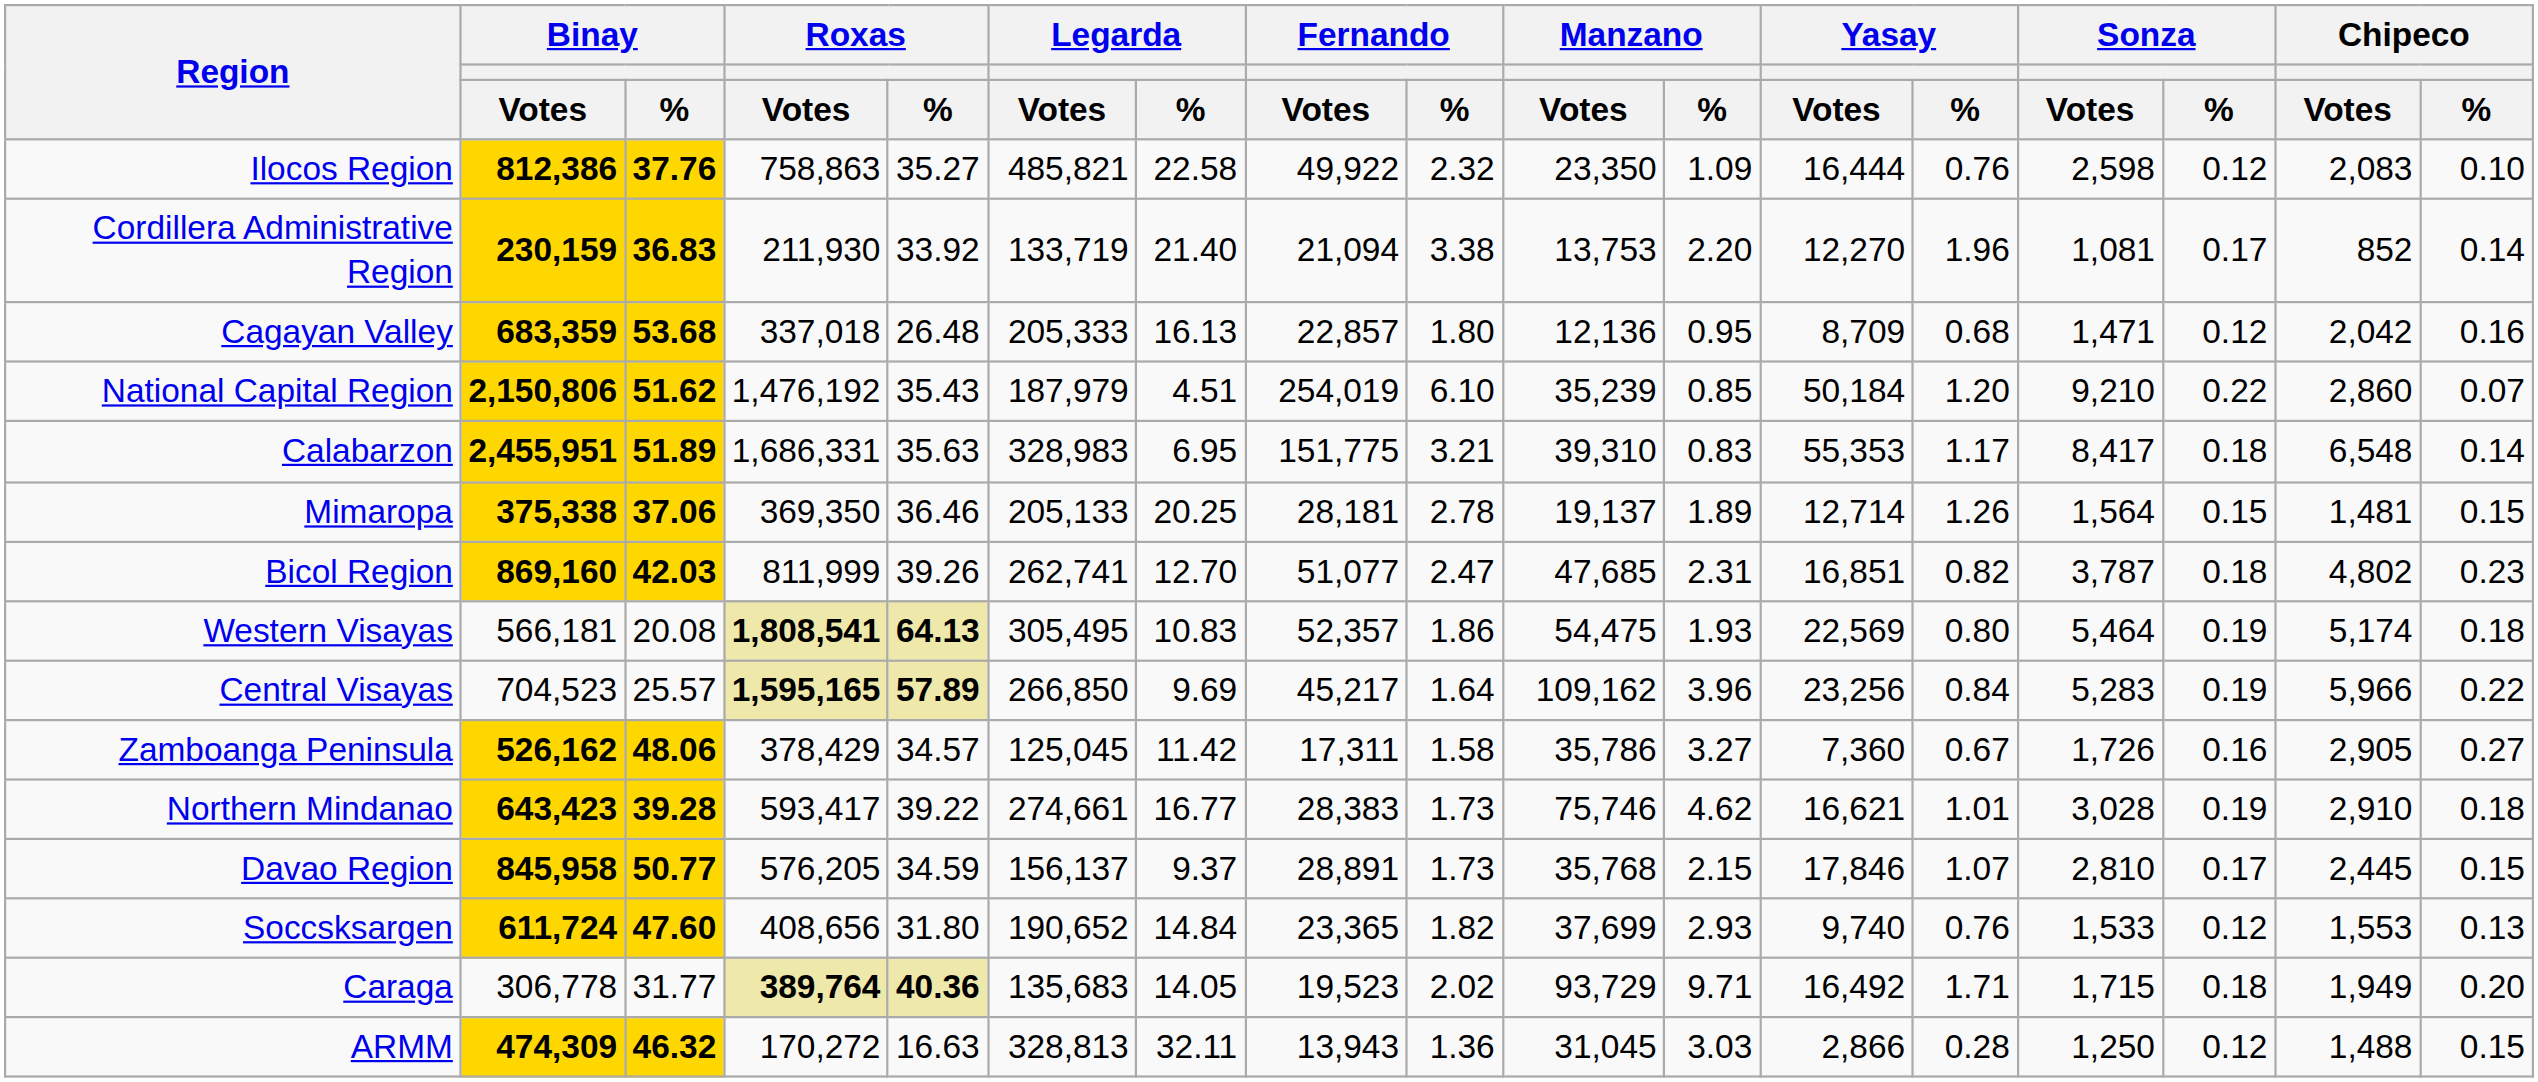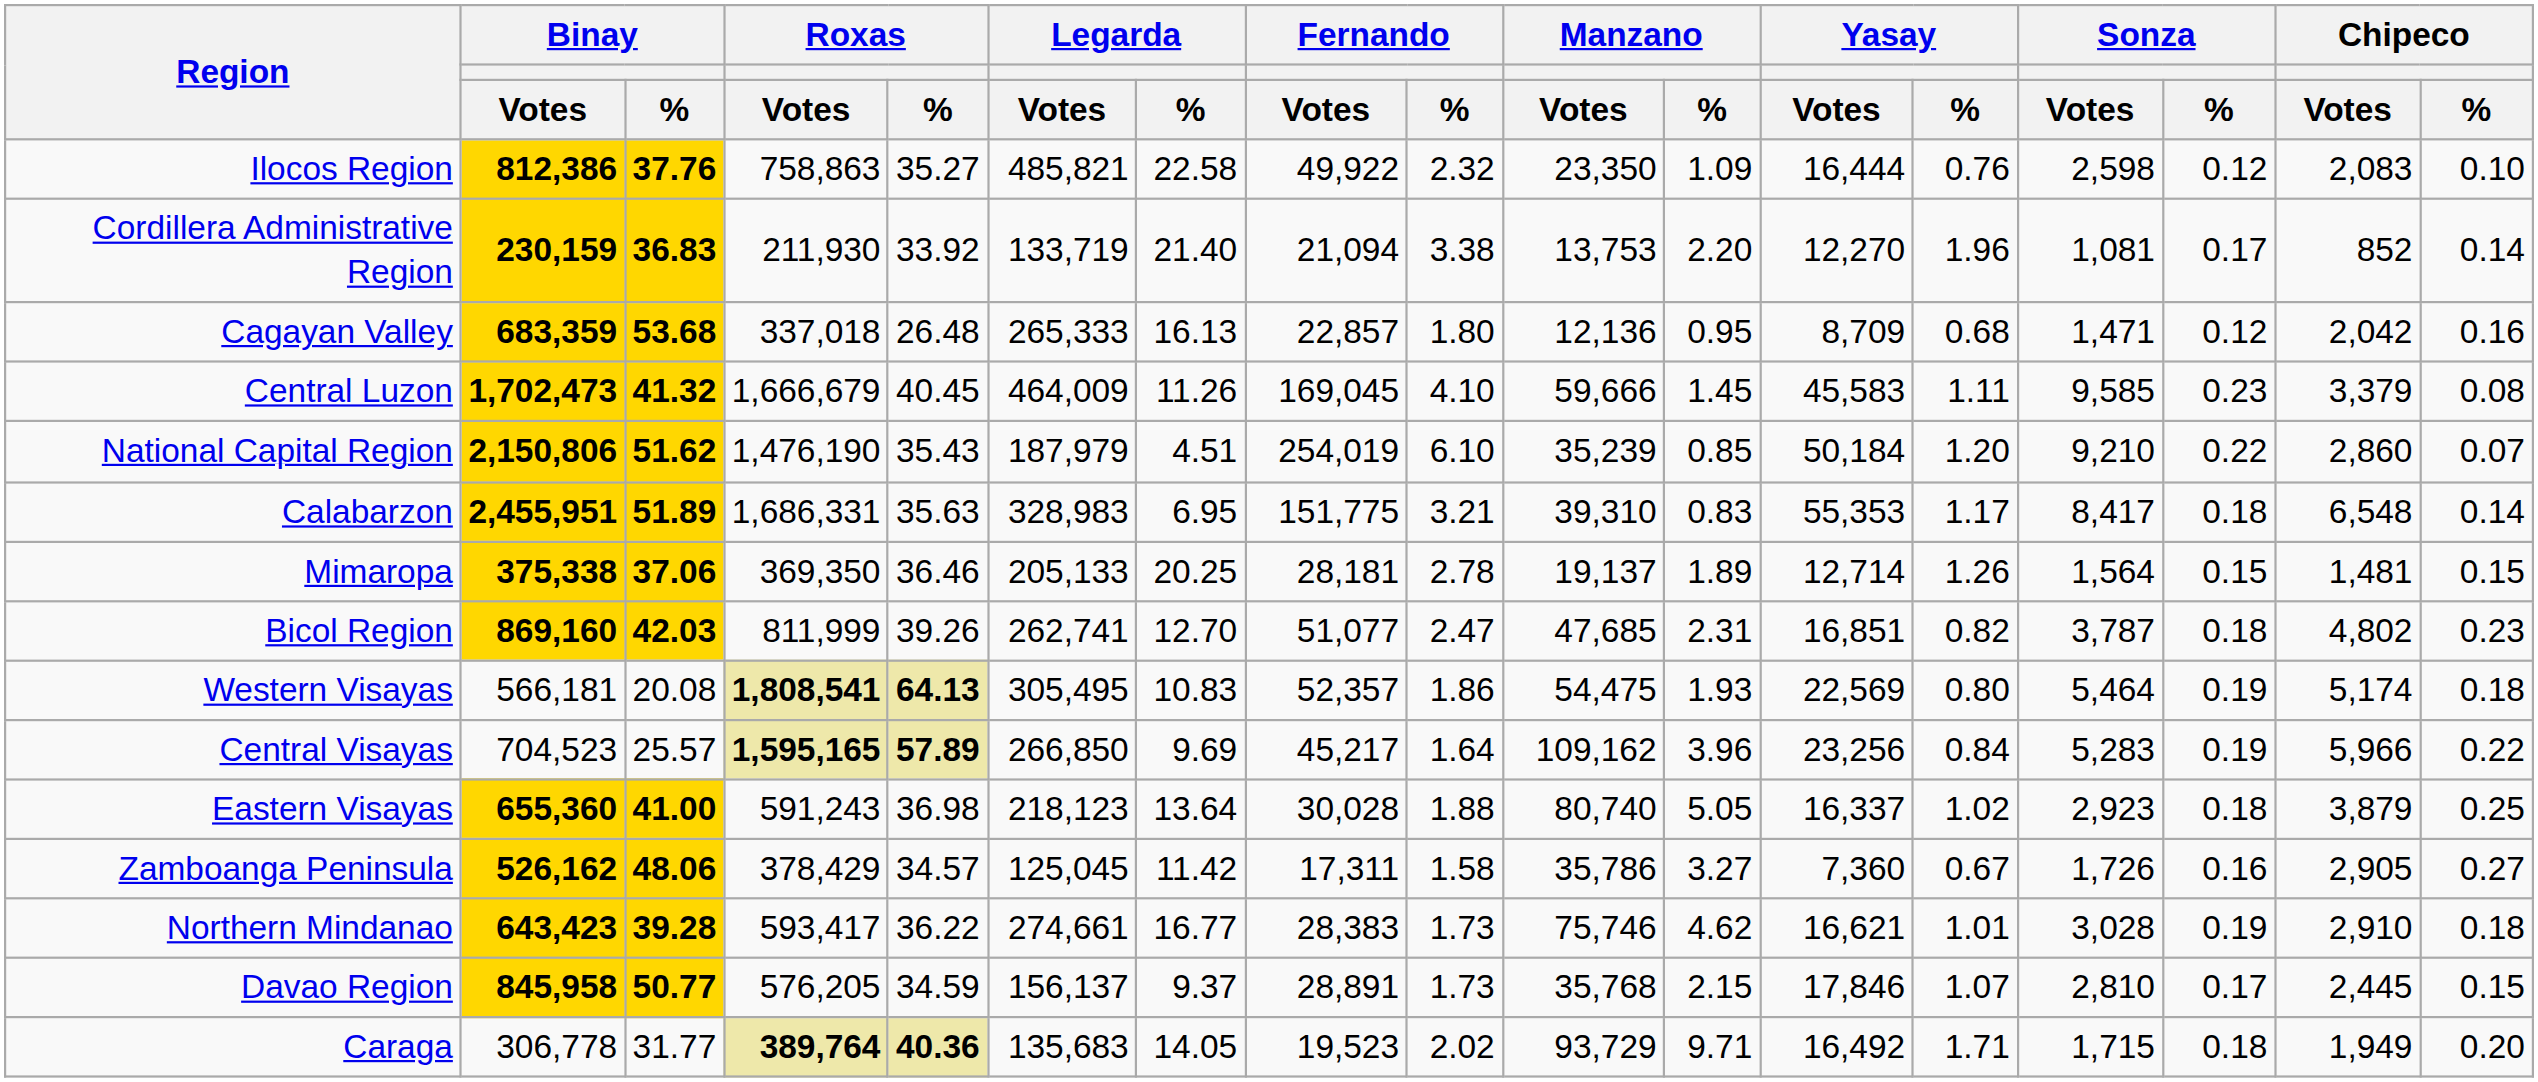 <table class="wikitable sortable collapsible collapsed" style="text-align:right; font-size:95%; line-height:20px;">
 <tr>
 <th width="200" rowspan="3"><a href='#'>Region</a></th>
 <th width="110" colspan="2"><a href='#'>Binay</a></th>
 <th width="110" colspan="2"><a href='#'>Roxas</a></th>
 <th width="110" colspan="2"><a href='#'>Legarda</a></th>
 <th width="110" colspan="2"><a href='#'>Fernando</a></th>
 <th width="110" colspan="2"><a href='#'>Manzano</a></th>
 <th width="110" colspan="2"><a href='#'>Yasay</a></th>
 <th width="110" colspan="2"><a href='#'>Sonza</a></th>
 <th width="110" colspan="2">Chipeco</th>
 </tr>
 <tr>
 <th colspan="2" style="background:"></th>
 <th colspan="2" style="background:"></th>
 <th colspan="2" style="background:"></th>
 <th colspan="2" style="background:"></th>
 <th colspan="2" style="background:"></th>
 <th colspan="2" style="background:"></th>
 <th colspan="2" style="background:"></th>
 <th colspan="2" style="background:"></th>
 </tr>
 <tr>
 <th>Votes</th>
 <th>%</th>
 <th>Votes</th>
 <th>%</th>
 <th>Votes</th>
 <th>%</th>
 <th>Votes</th>
 <th>%</th>
 <th>Votes</th>
 <th>%</th>
 <th>Votes</th>
 <th>%</th>
 <th>Votes</th>
 <th>%</th>
 <th>Votes</th>
 <th>%</th>
 </tr>
 <tr>
 <td><a href='#'>Ilocos Region</a></td>
 <td style="background:#FFD700;"><strong>812,386</strong></td>
 <td style="background:#FFD700;"><strong>37.76</strong></td>
 <td>758,863</td>
 <td>35.27</td>
 <td>485,821</td>
 <td>22.58</td>
 <td>49,922</td>
 <td>2.32</td>
 <td>23,350</td>
 <td>1.09</td>
 <td>16,444</td>
 <td>0.76</td>
 <td>2,598</td>
 <td>0.12</td>
 <td>2,083</td>
 <td>0.10</td>
 </tr>
 <tr>
 <td><a href='#'>Cordillera Administrative Region</a></td>
 <td style="background:#FFD700;"><strong>230,159</strong></td>
 <td style="background:#FFD700;"><strong>36.83</strong></td>
 <td>211,930</td>
 <td>33.92</td>
 <td>133,719</td>
 <td>21.40</td>
 <td>21,094</td>
 <td>3.38</td>
 <td>13,753</td>
 <td>2.20</td>
 <td>12,270</td>
 <td>1.96</td>
 <td>1,081</td>
 <td>0.17</td>
 <td>852</td>
 <td>0.14</td>
 </tr>
 <tr>
 <td><a href='#'>Cagayan Valley</a></td>
 <td style="background:#FFD700;"><strong>683,359</strong></td>
 <td style="background:#FFD700;"><strong>53.68</strong></td>
 <td>337,018</td>
 <td>26.48</td>
-<td>205,333</td>
+<td>265,333</td>
 <td>16.13</td>
 <td>22,857</td>
 <td>1.80</td>
 <td>12,136</td>
 <td>0.95</td>
 <td>8,709</td>
 <td>0.68</td>
 <td>1,471</td>
 <td>0.12</td>
 <td>2,042</td>
 <td>0.16</td>
 </tr>
 <tr>
+<td><a href='#'>Central Luzon</a></td>
+<td style="background:#FFD700;"><strong>1,702,473</strong></td>
+<td style="background:#FFD700;"><strong>41.32</strong></td>
+<td>1,666,679</td>
+<td>40.45</td>
+<td>464,009</td>
+<td>11.26</td>
+<td>169,045</td>
+<td>4.10</td>
+<td>59,666</td>
+<td>1.45</td>
+<td>45,583</td>
+<td>1.11</td>
+<td>9,585</td>
+<td>0.23</td>
+<td>3,379</td>
+<td>0.08</td>
+</tr>
+<tr>
 <td><a href='#'>National Capital Region</a></td>
 <td style="background:#FFD700;"><strong>2,150,806</strong></td>
 <td style="background:#FFD700;"><strong>51.62</strong></td>
-<td>1,476,192</td>
+<td>1,476,190</td>
 <td>35.43</td>
 <td>187,979</td>
 <td>4.51</td>
 <td>254,019</td>
 <td>6.10</td>
 <td>35,239</td>
 <td>0.85</td>
 <td>50,184</td>
 <td>1.20</td>
 <td>9,210</td>
 <td>0.22</td>
 <td>2,860</td>
 <td>0.07</td>
 </tr>
 <tr>
 <td><a href='#'>Calabarzon</a></td>
 <td style="background:#FFD700;"><strong>2,455,951</strong></td>
 <td style="background:#FFD700;"><strong>51.89</strong></td>
 <td>1,686,331</td>
 <td>35.63</td>
 <td>328,983</td>
 <td>6.95</td>
 <td>151,775</td>
 <td>3.21</td>
 <td>39,310</td>
 <td>0.83</td>
 <td>55,353</td>
 <td>1.17</td>
 <td>8,417</td>
 <td>0.18</td>
 <td>6,548</td>
 <td>0.14</td>
 </tr>
 <tr>
 <td><a href='#'>Mimaropa</a></td>
 <td style="background:#FFD700;"><strong>375,338</strong></td>
 <td style="background:#FFD700;"><strong>37.06</strong></td>
 <td>369,350</td>
 <td>36.46</td>
 <td>205,133</td>
 <td>20.25</td>
 <td>28,181</td>
 <td>2.78</td>
 <td>19,137</td>
 <td>1.89</td>
 <td>12,714</td>
 <td>1.26</td>
 <td>1,564</td>
 <td>0.15</td>
 <td>1,481</td>
 <td>0.15</td>
 </tr>
 <tr>
 <td><a href='#'>Bicol Region</a></td>
 <td style="background:#FFD700;"><strong>869,160</strong></td>
 <td style="background:#FFD700;"><strong>42.03</strong></td>
 <td>811,999</td>
 <td>39.26</td>
 <td>262,741</td>
 <td>12.70</td>
 <td>51,077</td>
 <td>2.47</td>
 <td>47,685</td>
 <td>2.31</td>
 <td>16,851</td>
 <td>0.82</td>
 <td>3,787</td>
 <td>0.18</td>
 <td>4,802</td>
 <td>0.23</td>
 </tr>
 <tr>
 <td><a href='#'>Western Visayas</a></td>
 <td>566,181</td>
 <td>20.08</td>
 <td style="background:#EEE8AA;"><strong>1,808,541</strong></td>
 <td style="background:#EEE8AA;"><strong>64.13</strong></td>
 <td>305,495</td>
 <td>10.83</td>
 <td>52,357</td>
 <td>1.86</td>
 <td>54,475</td>
 <td>1.93</td>
 <td>22,569</td>
 <td>0.80</td>
 <td>5,464</td>
 <td>0.19</td>
 <td>5,174</td>
 <td>0.18</td>
 </tr>
 <tr>
 <td><a href='#'>Central Visayas</a></td>
 <td>704,523</td>
 <td>25.57</td>
 <td style="background:#EEE8AA;"><strong>1,595,165</strong></td>
 <td style="background:#EEE8AA;"><strong>57.89</strong></td>
 <td>266,850</td>
 <td>9.69</td>
 <td>45,217</td>
 <td>1.64</td>
 <td>109,162</td>
 <td>3.96</td>
 <td>23,256</td>
 <td>0.84</td>
 <td>5,283</td>
 <td>0.19</td>
 <td>5,966</td>
 <td>0.22</td>
 </tr>
 <tr>
+<td><a href='#'>Eastern Visayas</a></td>
+<td style="background:#FFD700;"><strong>655,360</strong></td>
+<td style="background:#FFD700;"><strong>41.00</strong></td>
+<td>591,243</td>
+<td>36.98</td>
+<td>218,123</td>
+<td>13.64</td>
+<td>30,028</td>
+<td>1.88</td>
+<td>80,740</td>
+<td>5.05</td>
+<td>16,337</td>
+<td>1.02</td>
+<td>2,923</td>
+<td>0.18</td>
+<td>3,879</td>
+<td>0.25</td>
+</tr>
+<tr>
 <td><a href='#'>Zamboanga Peninsula</a></td>
 <td style="background:#FFD700;"><strong>526,162</strong></td>
 <td style="background:#FFD700;"><strong>48.06</strong></td>
 <td>378,429</td>
 <td>34.57</td>
 <td>125,045</td>
 <td>11.42</td>
 <td>17,311</td>
 <td>1.58</td>
 <td>35,786</td>
 <td>3.27</td>
 <td>7,360</td>
 <td>0.67</td>
 <td>1,726</td>
 <td>0.16</td>
 <td>2,905</td>
 <td>0.27</td>
 </tr>
 <tr>
 <td><a href='#'>Northern Mindanao</a></td>
 <td style="background:#FFD700;"><strong>643,423</strong></td>
 <td style="background:#FFD700;"><strong>39.28</strong></td>
 <td>593,417</td>
-<td>39.22</td>
+<td>36.22</td>
 <td>274,661</td>
 <td>16.77</td>
 <td>28,383</td>
 <td>1.73</td>
 <td>75,746</td>
 <td>4.62</td>
 <td>16,621</td>
 <td>1.01</td>
 <td>3,028</td>
 <td>0.19</td>
 <td>2,910</td>
 <td>0.18</td>
 </tr>
 <tr>
 <td><a href='#'>Davao Region</a></td>
 <td style="background:#FFD700;"><strong>845,958</strong></td>
 <td style="background:#FFD700;"><strong>50.77</strong></td>
 <td>576,205</td>
 <td>34.59</td>
 <td>156,137</td>
 <td>9.37</td>
 <td>28,891</td>
 <td>1.73</td>
 <td>35,768</td>
 <td>2.15</td>
 <td>17,846</td>
 <td>1.07</td>
 <td>2,810</td>
 <td>0.17</td>
 <td>2,445</td>
 <td>0.15</td>
 </tr>
 <tr>
-<td><a href='#'>Soccsksargen</a></td>
-<td style="background:#FFD700;"><strong>611,724</strong></td>
-<td style="background:#FFD700;"><strong>47.60</strong></td>
-<td>408,656</td>
-<td>31.80</td>
-<td>190,652</td>
-<td>14.84</td>
-<td>23,365</td>
-<td>1.82</td>
-<td>37,699</td>
-<td>2.93</td>
-<td>9,740</td>
-<td>0.76</td>
-<td>1,533</td>
-<td>0.12</td>
-<td>1,553</td>
-<td>0.13</td>
-</tr>
-<tr>
 <td><a href='#'>Caraga</a></td>
 <td>306,778</td>
 <td>31.77</td>
 <td style="background:#EEE8AA;"><strong>389,764</strong></td>
 <td style="background:#EEE8AA;"><strong>40.36</strong></td>
 <td>135,683</td>
 <td>14.05</td>
 <td>19,523</td>
 <td>2.02</td>
 <td>93,729</td>
 <td>9.71</td>
 <td>16,492</td>
 <td>1.71</td>
 <td>1,715</td>
 <td>0.18</td>
 <td>1,949</td>
 <td>0.20</td>
 </tr>
-<tr>
-<td><a href='#'>ARMM</a></td>
-<td style="background:#FFD700;"><strong>474,309</strong></td>
-<td style="background:#FFD700;"><strong>46.32</strong></td>
-<td>170,272</td>
-<td>16.63</td>
-<td>328,813</td>
-<td>32.11</td>
-<td>13,943</td>
-<td>1.36</td>
-<td>31,045</td>
-<td>3.03</td>
-<td>2,866</td>
-<td>0.28</td>
-<td>1,250</td>
-<td>0.12</td>
-<td>1,488</td>
-<td>0.15</td>
-</tr>
 </table>
